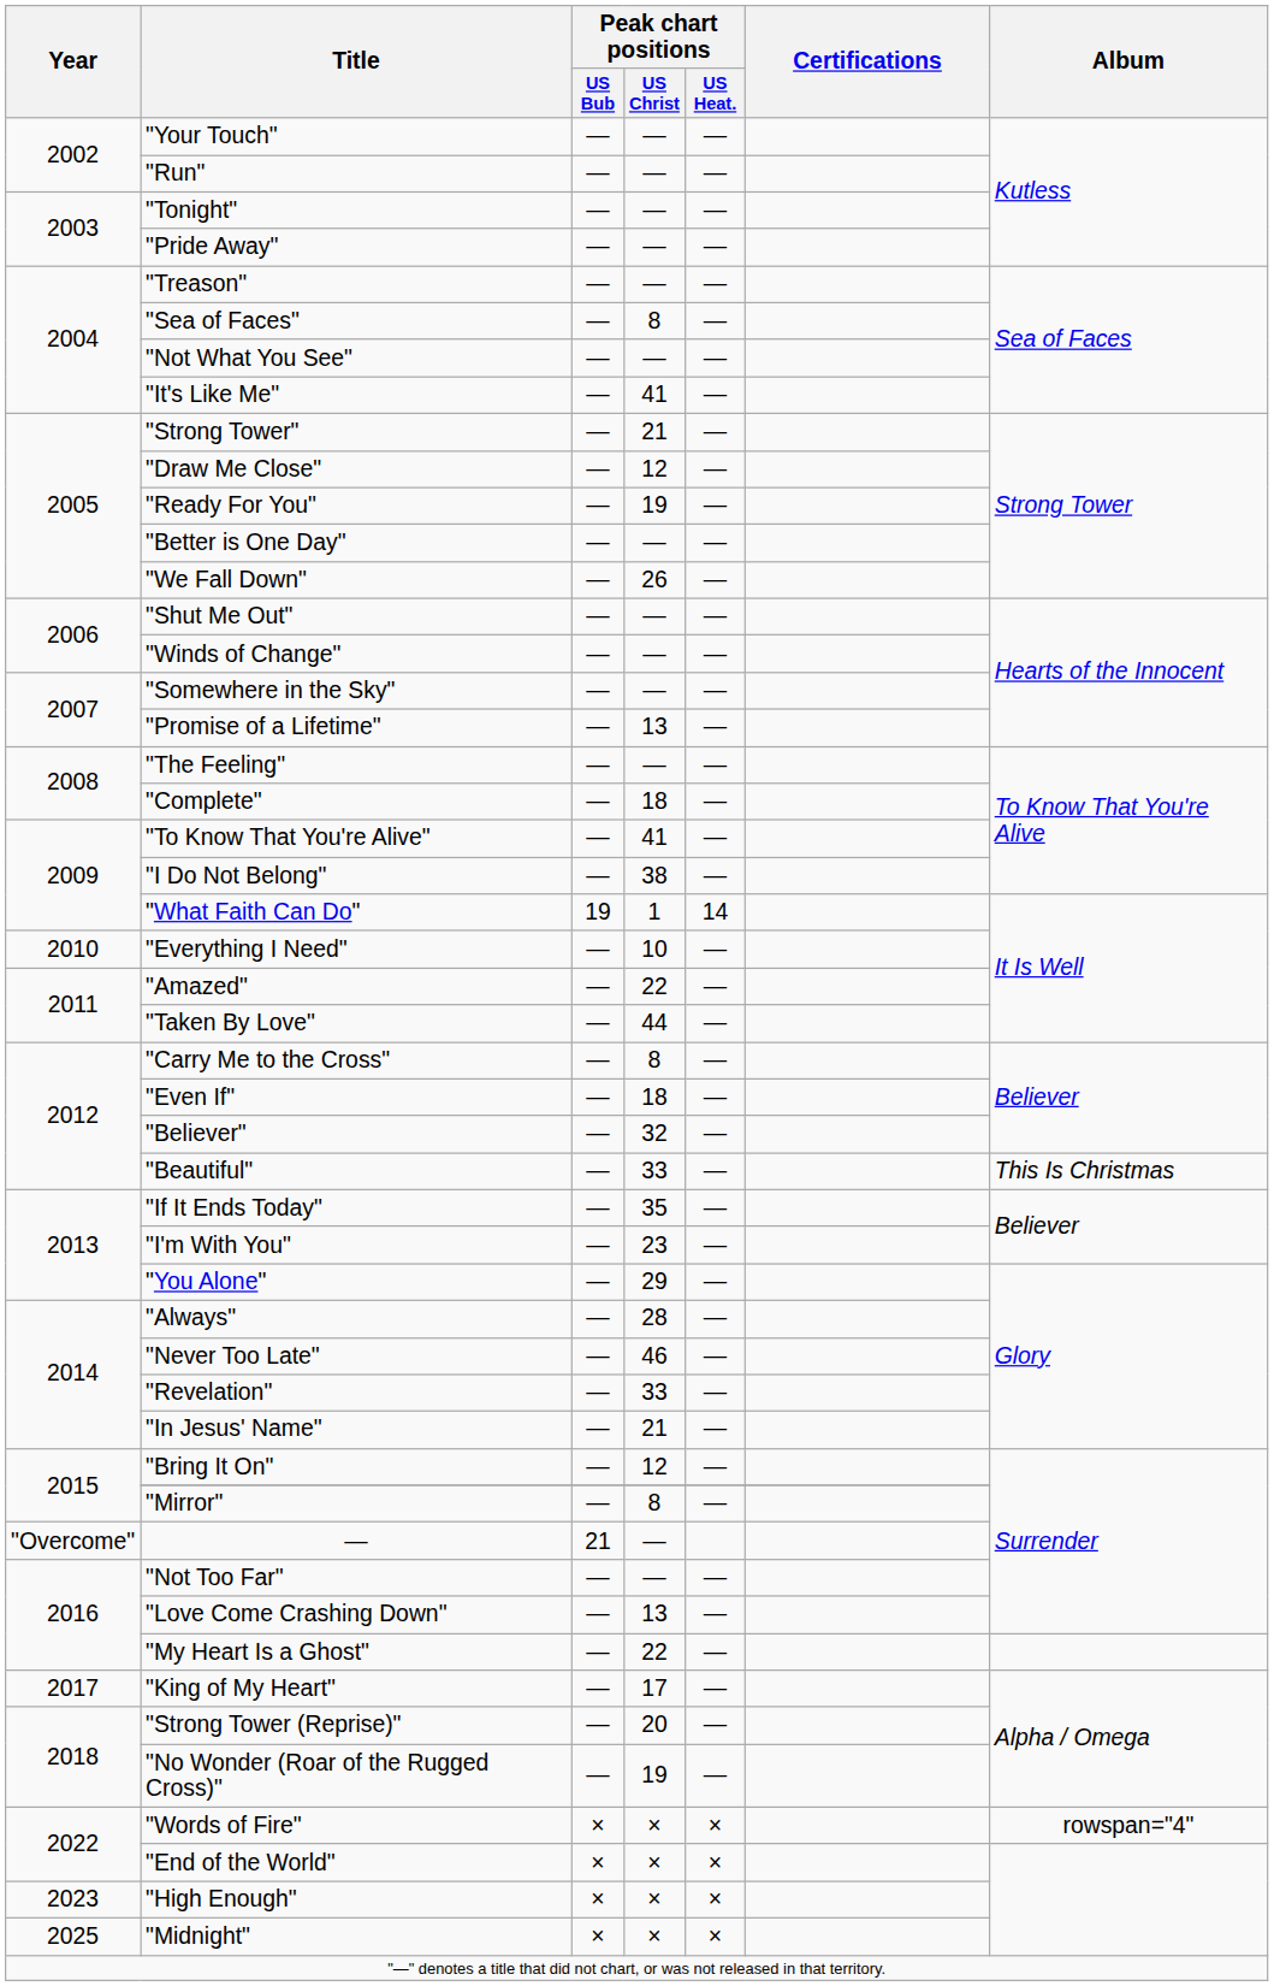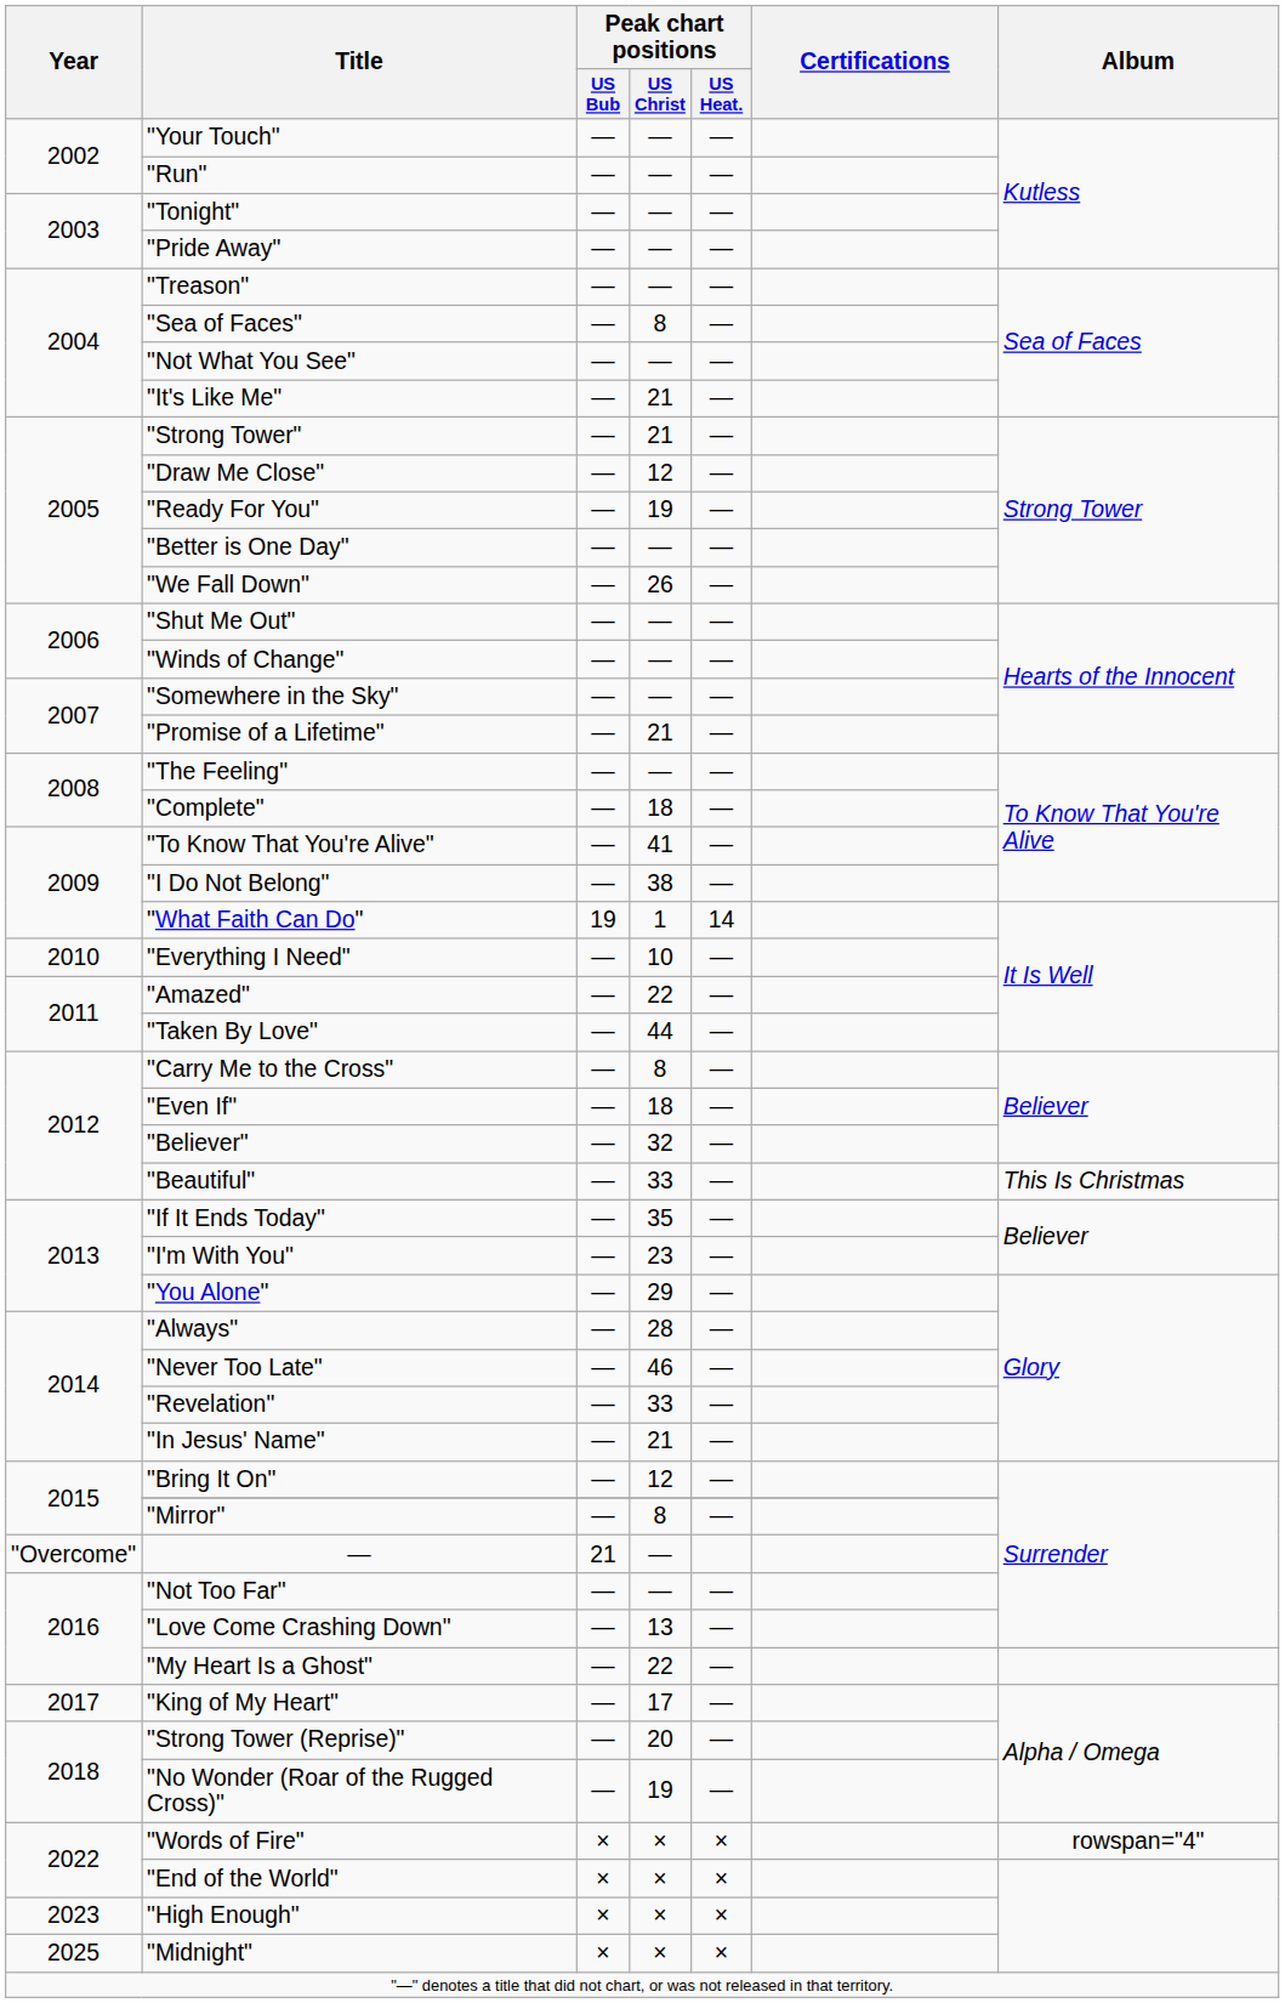 <table class="wikitable"  style="text-align:center;">
 <tr>
 <th rowspan="2">Year</th>
 <th rowspan="2">Title</th>
 <th colspan="3">Peak chart positions</th>
 <th scope="col" rowspan="2" style="width:10em;"><a href='#'>Certifications</a></th>
 <th rowspan="2">Album</th>
 </tr>
 <tr style="font-size:smaller;">
 <th scope="col" style="width:2.5em;font-size:90%;"><a href='#'>US Bub</a><br></th>
 <th scope="col" style="width:3em;font-size:90%;"><a href='#'>US<br>Christ</a><br></th>
 <th scope="col" style="width:3em;font-size:90%;"><a href='#'>US<br>Heat.</a><br></th>
 </tr>
 <tr>
 <td rowspan="2">2002</td>
 <td style="text-align:left">"Your Touch"</td>
 <td>—</td>
 <td>—</td>
 <td>—</td>
 <td></td>
 <td rowspan="4" style="text-align:left"><em><a href='#'>Kutless</a></em></td>
 </tr>
 <tr>
 <td style="text-align:left">"Run"</td>
 <td>—</td>
 <td>—</td>
 <td>—</td>
 <td></td>
 </tr>
 <tr>
 <td rowspan="2">2003</td>
 <td style="text-align:left">"Tonight"</td>
 <td>—</td>
 <td>—</td>
 <td>—</td>
 <td></td>
 </tr>
 <tr>
 <td style="text-align:left">"Pride Away"</td>
 <td>—</td>
 <td>—</td>
 <td>—</td>
 <td></td>
 </tr>
 <tr>
 <td rowspan="4">2004</td>
 <td style="text-align:left">"Treason"</td>
 <td>—</td>
 <td>—</td>
 <td>—</td>
 <td></td>
 <td rowspan="4" style="text-align:left"><em><a href='#'>Sea of Faces</a></em></td>
 </tr>
 <tr>
 <td style="text-align:left">"Sea of Faces"</td>
 <td>—</td>
 <td>8</td>
 <td>—</td>
 <td></td>
 </tr>
 <tr>
 <td style="text-align:left">"Not What You See"</td>
 <td>—</td>
 <td>—</td>
 <td>—</td>
 <td></td>
 </tr>
 <tr>
 <td style="text-align:left">"It's Like Me"</td>
 <td>—</td>
-<td>41</td>
+<td>21</td>
 <td>—</td>
 <td></td>
 </tr>
 <tr>
 <td rowspan="5">2005</td>
 <td style="text-align:left">"Strong Tower"</td>
 <td>—</td>
 <td>21</td>
 <td>—</td>
 <td></td>
 <td rowspan="5"  style="text-align:left"><em><a href='#'>Strong Tower</a></em></td>
 </tr>
 <tr>
 <td style="text-align:left">"Draw Me Close"</td>
 <td>—</td>
 <td>12</td>
 <td>—</td>
 <td></td>
 </tr>
 <tr>
 <td style="text-align:left">"Ready For You"</td>
 <td>—</td>
 <td>19</td>
 <td>—</td>
 <td></td>
 </tr>
 <tr>
 <td style="text-align:left">"Better is One Day"</td>
 <td>—</td>
 <td>—</td>
 <td>—</td>
 <td></td>
 </tr>
 <tr>
 <td style="text-align:left">"We Fall Down"</td>
 <td>—</td>
 <td>26</td>
 <td>—</td>
 <td></td>
 </tr>
 <tr>
 <td rowspan="2">2006</td>
 <td style="text-align:left">"Shut Me Out"</td>
 <td>—</td>
 <td>—</td>
 <td>—</td>
 <td></td>
 <td rowspan="4"  style="text-align:left"><em><a href='#'>Hearts of the Innocent</a></em></td>
 </tr>
 <tr>
 <td style="text-align:left">"Winds of Change"</td>
 <td>—</td>
 <td>—</td>
 <td>—</td>
 <td></td>
 </tr>
 <tr>
 <td rowspan="2">2007</td>
 <td style="text-align:left">"Somewhere in the Sky"</td>
 <td>—</td>
 <td>—</td>
 <td>—</td>
 <td></td>
 </tr>
 <tr>
 <td style="text-align:left">"Promise of a Lifetime"</td>
 <td>—</td>
-<td>13</td>
+<td>21</td>
 <td>—</td>
 <td></td>
 </tr>
 <tr>
 <td rowspan="2">2008</td>
 <td style="text-align:left">"The Feeling"</td>
 <td>—</td>
 <td>—</td>
 <td>—</td>
 <td></td>
 <td rowspan="4" style="text-align:left"><em><a href='#'>To Know That You're Alive</a></em></td>
 </tr>
 <tr>
 <td style="text-align:left">"Complete"</td>
 <td>—</td>
 <td>18</td>
 <td>—</td>
 <td></td>
 </tr>
 <tr>
 <td rowspan="3">2009</td>
 <td style="text-align:left">"To Know That You're Alive"</td>
 <td>—</td>
 <td>41</td>
 <td>—</td>
 <td></td>
 </tr>
 <tr>
 <td style="text-align:left">"I Do Not Belong"</td>
 <td>—</td>
 <td>38</td>
 <td>—</td>
 <td></td>
 </tr>
 <tr>
 <td style="text-align:left">"<a href='#'>What Faith Can Do</a>"</td>
 <td>19</td>
 <td>1</td>
 <td>14</td>
 <td></td>
 <td rowspan="4" style="text-align:left"><em><a href='#'>It Is Well</a></em></td>
 </tr>
 <tr>
 <td>2010</td>
 <td style="text-align:left">"Everything I Need"</td>
 <td>—</td>
 <td>10</td>
 <td>—</td>
 <td></td>
 </tr>
 <tr>
 <td rowspan="2">2011</td>
 <td style="text-align:left">"Amazed"</td>
 <td>—</td>
 <td>22</td>
 <td>—</td>
 <td></td>
 </tr>
 <tr>
 <td style="text-align:left">"Taken By Love"</td>
 <td>—</td>
 <td>44</td>
 <td>—</td>
 <td></td>
 </tr>
 <tr>
 <td rowspan="4">2012</td>
 <td style="text-align:left">"Carry Me to the Cross"</td>
 <td>—</td>
 <td>8</td>
 <td>—</td>
 <td></td>
 <td rowspan="3" style="text-align:left"><em><a href='#'>Believer</a></em></td>
 </tr>
 <tr>
 <td style="text-align:left">"Even If"</td>
 <td>—</td>
 <td>18</td>
 <td>—</td>
 <td></td>
 </tr>
 <tr>
 <td style="text-align:left">"Believer"</td>
 <td>—</td>
 <td>32</td>
 <td>—</td>
 <td></td>
 </tr>
 <tr>
 <td style="text-align:left">"Beautiful"</td>
 <td>—</td>
 <td>33</td>
 <td>—</td>
 <td></td>
 <td rowspan="1" style="text-align:left"><em>This Is Christmas</em></td>
 </tr>
 <tr>
 <td rowspan="3">2013</td>
 <td style="text-align:left">"If It Ends Today"</td>
 <td>—</td>
 <td>35</td>
 <td>—</td>
 <td></td>
 <td rowspan="2" style="text-align:left"><em>Believer</em></td>
 </tr>
 <tr>
 <td style="text-align:left">"I'm With You"</td>
 <td>—</td>
 <td>23</td>
 <td>—</td>
 <td></td>
 </tr>
 <tr>
 <td style="text-align:left">"<a href='#'>You Alone</a>"</td>
 <td>—</td>
 <td>29</td>
 <td>—</td>
 <td></td>
 <td rowspan="5" style="text-align:left"><em><a href='#'>Glory</a></em></td>
 </tr>
 <tr>
 <td rowspan="4">2014</td>
 <td style="text-align:left">"Always"</td>
 <td>—</td>
 <td>28</td>
 <td>—</td>
 <td></td>
 </tr>
 <tr>
 <td style="text-align:left">"Never Too Late"</td>
 <td>—</td>
 <td>46</td>
 <td>—</td>
 <td></td>
 </tr>
 <tr>
 <td style="text-align:left">"Revelation"</td>
 <td>—</td>
 <td>33</td>
 <td>—</td>
 <td></td>
 </tr>
 <tr>
 <td style="text-align:left">"In Jesus' Name"</td>
 <td>—</td>
 <td>21</td>
 <td>—</td>
 <td></td>
 </tr>
 <tr>
 <td rowspan="3">2015</td>
 <td style="text-align:left">"Bring It On"</td>
 <td>—</td>
 <td>12</td>
 <td>—</td>
 <td></td>
 <td rowspan="6" style="text-align:left"><em><a href='#'>Surrender</a></em></td>
 </tr>
 <tr>
 </tr>
 <tr>
 <td style="text-align:left">"Mirror"</td>
 <td>—</td>
 <td>8</td>
 <td>—</td>
 <td></td>
 </tr>
 <tr>
 <td style="text-align:left">"Overcome"</td>
 <td>—</td>
 <td>21</td>
 <td>—</td>
 <td></td>
 </tr>
 <tr>
 <td rowspan="3">2016</td>
 <td style="text-align:left">"Not Too Far"</td>
 <td>—</td>
 <td>—</td>
 <td>—</td>
 <td></td>
 </tr>
 <tr>
 <td style="text-align:left">"Love Come Crashing Down"</td>
 <td>—</td>
 <td>13</td>
 <td>—</td>
 <td></td>
 </tr>
 <tr>
 <td style="text-align:left">"My Heart Is a Ghost"</td>
 <td>—</td>
 <td>22</td>
 <td>—</td>
 <td></td>
 </tr>
 <tr>
 <td rowspan="1">2017</td>
 <td style="text-align:left">"King of My Heart"</td>
 <td>—</td>
 <td>17</td>
 <td>—</td>
 <td></td>
 <td rowspan="3" style="text-align:left"><em>Alpha / Omega</em></td>
 </tr>
 <tr>
 <td rowspan="2">2018</td>
 <td style="text-align:left">"Strong Tower (Reprise)"</td>
 <td>—</td>
 <td>20</td>
 <td>—</td>
 <td></td>
 </tr>
 <tr>
 <td style="text-align:left">"No Wonder (Roar of the Rugged Cross)"</td>
 <td>—</td>
 <td>19</td>
 <td>—</td>
 <td></td>
 </tr>
 <tr>
 <td rowspan="2">2022</td>
 <td style="text-align:left">"Words of Fire"</td>
 <td>×</td>
 <td>×</td>
 <td>×</td>
 <td></td>
 <td>rowspan="4" </td>
 </tr>
 <tr>
 <td style="text-align:left">"End of the World" </td>
 <td>×</td>
 <td>×</td>
 <td>×</td>
 <td></td>
 </tr>
 <tr>
 <td>2023</td>
 <td style="text-align:left">"High Enough"<br></td>
 <td>×</td>
 <td>×</td>
 <td>×</td>
 <td></td>
 </tr>
 <tr>
 <td>2025</td>
 <td style="text-align:left">"Midnight"</td>
 <td>×</td>
 <td>×</td>
 <td>×</td>
 <td></td>
 </tr>
 <tr>
 <td colspan="9" style="font-size:8pt">"—" denotes a title that did not chart, or was not released in that territory.</td>
 </tr>
 </table>
